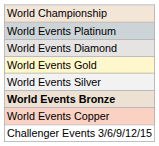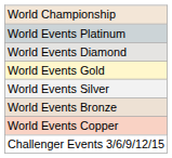 <table class=wikitable style=float:left;font-size:90%>
 <tr style="background:#F3E6D7;">
 <td>World Championship</td>
 </tr>
 <tr style="background:#ccd4d7;">
 <td>World Events Platinum</td>
 </tr>
 <tr style="background:#E5E4E2;">
 <td>World Events Diamond</td>
 </tr>
 <tr style="background:#fff7cc;">
 <td>World Events Gold</td>
 </tr>
 <tr style="background:#f2f2f2;">
 <td>World Events Silver</td>
 </tr>
 <tr style="background:#ede1d4;">
-<td><strong>World Events Bronze</strong></td>
+<td>World Events Bronze</td>
 </tr>
 <tr style="background:#f9d2c4;">
 <td>World Events Copper</td>
 </tr>
 <tr style="background:#fff;">
 <td>Challenger Events 3/6/9/12/15</td>
 </tr>
 </table>
